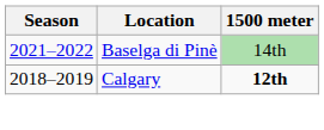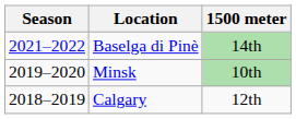 <table class="wikitable" style="display: inline-table;">
 <tr>
 <th>Season</th>
 <th>Location</th>
 <th colspan="1">1500 meter</th>
 </tr>
 <tr style="text-align:center">
 <td><a href='#'>2021–2022</a></td>
 <td align=left> <a href='#'>Baselga di Pinè</a></td>
 <td style="background:#addfad;">14th</td>
 </tr>
 <tr style="text-align:center">
+<td>2019–2020</td>
+<td align=left> <a href='#'>Minsk</a></td>
+<td style="background:#addfad;">10th</td>
+</tr>
+<tr style="text-align:center">
 <td>2018–2019</td>
 <td align=left> <a href='#'>Calgary</a></td>
-<td><strong>12th</strong></td>
+<td>12th</td>
 </tr>
 </table>
